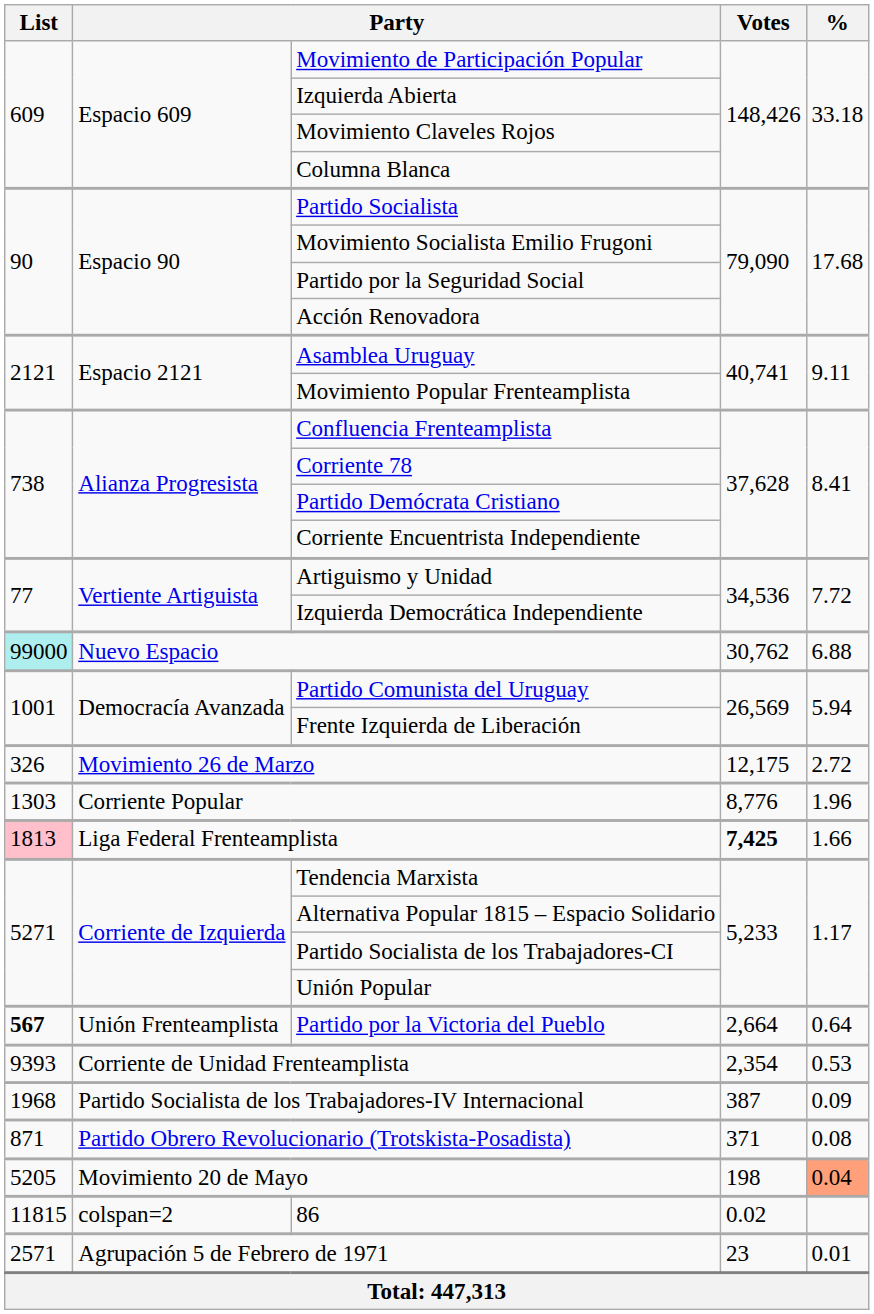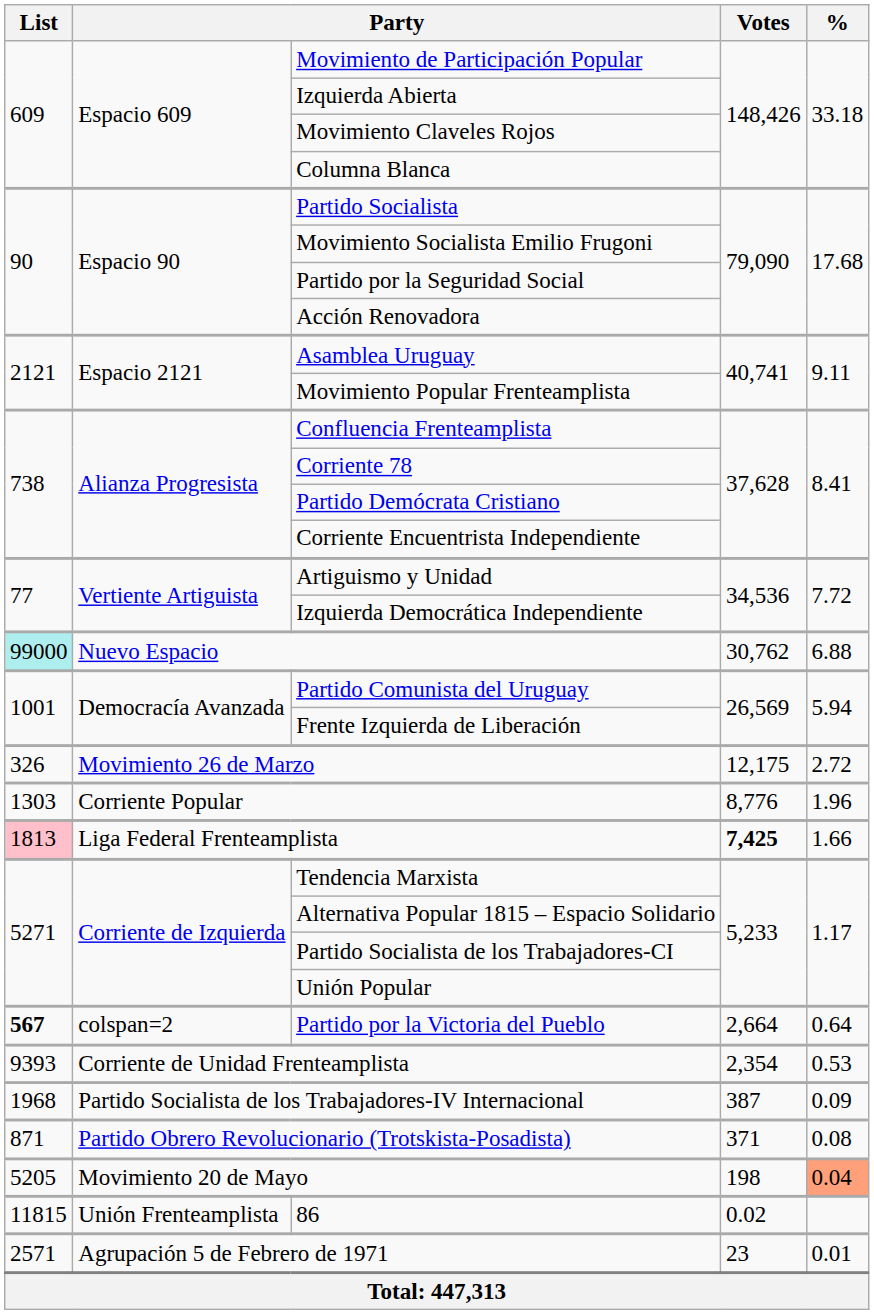 <table class="wikitable">
 <tr>
 <th>List</th>
 <th colspan=2>Party</th>
 <th>Votes</th>
 <th>%</th>
 </tr>
 <tr>
 <td rowspan=4>609</td>
 <td rowspan=4>Espacio 609</td>
 <td><a href='#'>Movimiento de Participación Popular</a></td>
 <td rowspan=4>148,426</td>
 <td rowspan=4>33.18</td>
 </tr>
 <tr>
 <td>Izquierda Abierta</td>
 </tr>
 <tr>
 <td>Movimiento Claveles Rojos</td>
 </tr>
 <tr>
 <td>Columna Blanca</td>
 </tr>
 <tr style="border-top:2px solid #aaa;">
 <td rowspan=4>90</td>
 <td rowspan=4>Espacio 90</td>
 <td><a href='#'>Partido Socialista</a></td>
 <td rowspan=4>79,090</td>
 <td rowspan=4>17.68</td>
 </tr>
 <tr>
 <td>Movimiento Socialista Emilio Frugoni</td>
 </tr>
 <tr>
 <td>Partido por la Seguridad Social</td>
 </tr>
 <tr>
 <td>Acción Renovadora</td>
 </tr>
 <tr style="border-top:2px solid #aaa;">
 <td rowspan=2>2121</td>
 <td rowspan=2>Espacio 2121</td>
 <td><a href='#'>Asamblea Uruguay</a></td>
 <td rowspan=2>40,741</td>
 <td rowspan=2>9.11</td>
 </tr>
 <tr>
 <td>Movimiento Popular Frenteamplista</td>
 </tr>
 <tr style="border-top:2px solid #aaa;">
 <td rowspan=4>738</td>
 <td rowspan=4><a href='#'>Alianza Progresista</a></td>
 <td><a href='#'>Confluencia Frenteamplista</a></td>
 <td rowspan=4>37,628</td>
 <td rowspan=4>8.41</td>
 </tr>
 <tr>
 <td><a href='#'>Corriente 78</a></td>
 </tr>
 <tr>
 <td><a href='#'>Partido Demócrata Cristiano</a></td>
 </tr>
 <tr>
 <td>Corriente Encuentrista Independiente</td>
 </tr>
 <tr style="border-top:2px solid #aaa;">
 <td rowspan=2>77</td>
 <td rowspan=2><a href='#'>Vertiente Artiguista</a></td>
 <td>Artiguismo y Unidad</td>
 <td rowspan=2>34,536</td>
 <td rowspan=2>7.72</td>
 </tr>
 <tr>
 <td>Izquierda Democrática Independiente</td>
 </tr>
 <tr style="border-top:2px solid #aaa;">
 <td style="background: paleturquoise;">99000</td>
 <td colspan=2><a href='#'>Nuevo Espacio</a></td>
 <td>30,762</td>
 <td>6.88</td>
 </tr>
 <tr style="border-top:2px solid #aaa;">
 <td rowspan=2>1001</td>
 <td rowspan=2>Democracía Avanzada</td>
 <td><a href='#'>Partido Comunista del Uruguay</a></td>
 <td rowspan=2>26,569</td>
 <td rowspan=2>5.94</td>
 </tr>
 <tr>
 <td>Frente Izquierda de Liberación</td>
 </tr>
 <tr style="border-top:2px solid #aaa;">
 <td>326</td>
 <td colspan=2><a href='#'>Movimiento 26 de Marzo</a></td>
 <td>12,175</td>
 <td>2.72</td>
 </tr>
 <tr style="border-top:2px solid #aaa;">
 <td>1303</td>
 <td colspan=2>Corriente Popular</td>
 <td>8,776</td>
 <td>1.96</td>
 </tr>
 <tr style="border-top:2px solid #aaa;">
 <td style="background: pink;">1813</td>
 <td colspan=2>Liga Federal Frenteamplista</td>
 <td><strong>7,425</strong></td>
 <td>1.66</td>
 </tr>
 <tr style="border-top:2px solid #aaa;">
 <td rowspan=4>5271</td>
 <td rowspan=4><a href='#'>Corriente de Izquierda</a></td>
 <td>Tendencia Marxista</td>
 <td rowspan=4>5,233</td>
 <td rowspan=4>1.17</td>
 </tr>
 <tr>
 <td>Alternativa Popular 1815 – Espacio Solidario</td>
 </tr>
 <tr>
 <td>Partido Socialista de los Trabajadores-CI</td>
 </tr>
 <tr>
 <td>Unión Popular</td>
 </tr>
 <tr style="border-top:2px solid #aaa;">
 <td><strong>567</strong></td>
-<td>Unión Frenteamplista</td>
+<td>colspan=2</td>
 <td><a href='#'>Partido por la Victoria del Pueblo</a></td>
 <td>2,664</td>
 <td>0.64</td>
 </tr>
 <tr style="border-top:2px solid #aaa;">
 <td>9393</td>
 <td colspan=2>Corriente de Unidad Frenteamplista</td>
 <td>2,354</td>
 <td>0.53</td>
 </tr>
 <tr style="border-top:2px solid #aaa;">
 <td>1968</td>
 <td colspan=2>Partido Socialista de los Trabajadores-IV Internacional</td>
 <td>387</td>
 <td>0.09</td>
 </tr>
 <tr style="border-top:2px solid #aaa;">
 <td>871</td>
 <td colspan=2><a href='#'>Partido Obrero Revolucionario (Trotskista-Posadista)</a></td>
 <td>371</td>
 <td>0.08</td>
 </tr>
 <tr style="border-top:2px solid #aaa;">
 <td>5205</td>
 <td colspan=2>Movimiento 20 de Mayo</td>
 <td>198</td>
 <td style="background: lightsalmon;">0.04</td>
 </tr>
 <tr style="border-top:2px solid #aaa;">
 <td>11815</td>
-<td>colspan=2</td>
+<td>Unión Frenteamplista</td>
 <td>86</td>
 <td>0.02</td>
 </tr>
 <tr style="border-top:2px solid #aaa;">
 <td>2571</td>
 <td colspan=2>Agrupación 5 de Febrero de 1971</td>
 <td>23</td>
 <td>0.01</td>
 </tr>
 <tr style="border-top:2px solid grey;">
 <th colspan=5>Total: 447,313</th>
 </tr>
 </table>
